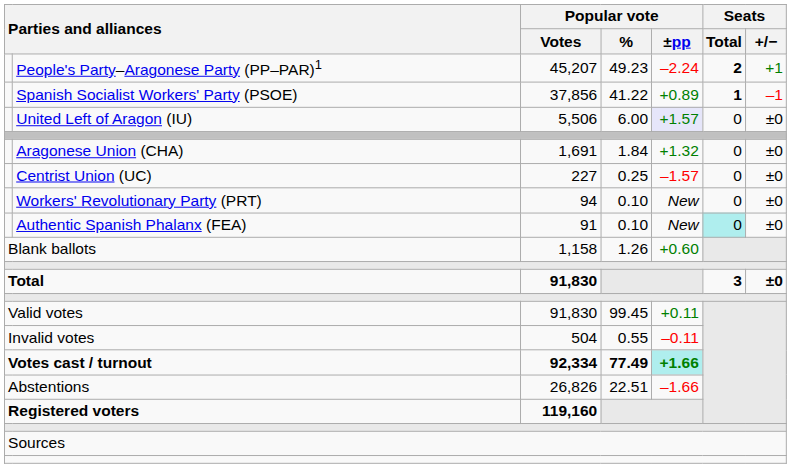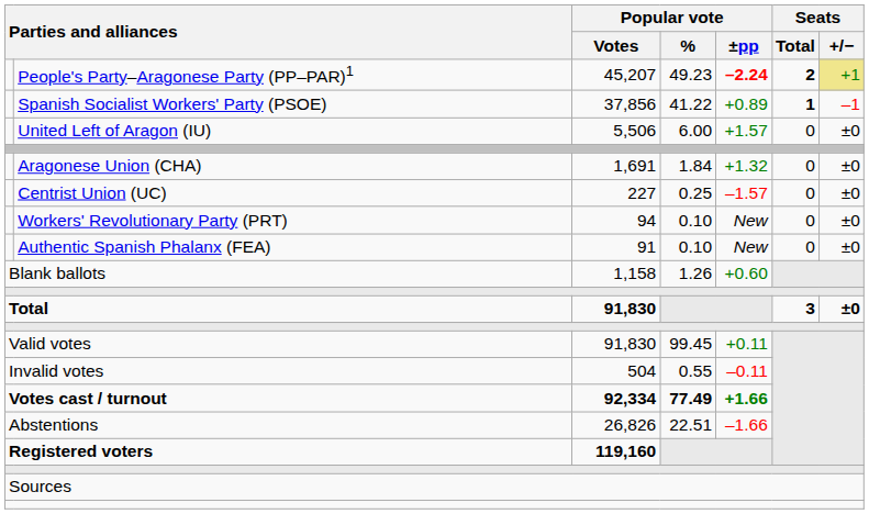 <table class="wikitable" style="text-align:right;">
 <tr>
 <th style="text-align:left;" rowspan="2" colspan="2" width="525">Parties and alliances</th>
 <th colspan="3">Popular vote</th>
 <th colspan="2">Seats</th>
 </tr>
 <tr>
 <th width="75">Votes</th>
 <th width="45">%</th>
 <th width="45">±<a href='#'>pp</a></th>
 <th width="35">Total</th>
 <th width="35">+/−</th>
 </tr>
 <tr>
 <td width="1" style="color:inherit;background:"></td>
 <td align="left"><a href='#'>People's Party</a>–<a href='#'>Aragonese Party</a> (PP–PAR)<sup>1</sup></td>
 <td>45,207</td>
 <td>49.23</td>
-<td style="color:red;">–2.24</td>
+<td style="color:red;"><strong>–2.24</strong></td>
 <td><strong>2</strong></td>
-<td style="color:green;">+1</td>
+<td style="background: khaki; color:green;">+1</td>
 </tr>
 <tr>
 <td style="color:inherit;background:"></td>
 <td align="left"><a href='#'>Spanish Socialist Workers' Party</a> (PSOE)</td>
 <td>37,856</td>
 <td>41.22</td>
 <td style="color:green;">+0.89</td>
 <td><strong>1</strong></td>
 <td style="color:red;">–1</td>
 </tr>
 <tr>
 <td style="color:inherit;background:"></td>
 <td align="left"><a href='#'>United Left of Aragon</a> (IU)</td>
 <td>5,506</td>
 <td>6.00</td>
-<td style="background: lavender; color:green;">+1.57</td>
+<td style="color:green;">+1.57</td>
 <td>0</td>
 <td>±0</td>
 </tr>
 <tr>
 <td colspan="7" bgcolor="#C0C0C0"></td>
 </tr>
 <tr>
 <td style="color:inherit;background:"></td>
 <td align="left"><a href='#'>Aragonese Union</a> (CHA)</td>
 <td>1,691</td>
 <td>1.84</td>
 <td style="color:green;">+1.32</td>
 <td>0</td>
 <td>±0</td>
 </tr>
 <tr>
 <td style="color:inherit;background:"></td>
 <td align="left"><a href='#'>Centrist Union</a> (UC)</td>
 <td>227</td>
 <td>0.25</td>
 <td style="color:red;">–1.57</td>
 <td>0</td>
 <td>±0</td>
 </tr>
 <tr>
 <td style="color:inherit;background:"></td>
 <td align="left"><a href='#'>Workers' Revolutionary Party</a> (PRT)</td>
 <td>94</td>
 <td>0.10</td>
 <td><em>New</em></td>
 <td>0</td>
 <td>±0</td>
 </tr>
 <tr>
 <td style="color:inherit;background:"></td>
 <td align="left"><a href='#'>Authentic Spanish Phalanx</a> (FEA)</td>
 <td>91</td>
 <td>0.10</td>
 <td><em>New</em></td>
-<td style="background: paleturquoise;">0</td>
+<td>0</td>
 <td>±0</td>
 </tr>
 <tr>
 <td align="left" colspan="2">Blank ballots</td>
 <td>1,158</td>
 <td>1.26</td>
 <td style="color:green;">+0.60</td>
 <td bgcolor="#E9E9E9" colspan="2"></td>
 </tr>
 <tr>
 <td colspan="7" bgcolor="#E9E9E9"></td>
 </tr>
 <tr style="font-weight:bold;">
 <td align="left" colspan="2">Total</td>
 <td>91,830</td>
 <td bgcolor="#E9E9E9" colspan="2"></td>
 <td>3</td>
 <td>±0</td>
 </tr>
 <tr>
 <td colspan="7" bgcolor="#E9E9E9"></td>
 </tr>
 <tr>
 <td align="left" colspan="2">Valid votes</td>
 <td>91,830</td>
 <td>99.45</td>
 <td style="color:green;">+0.11</td>
 <td bgcolor="#E9E9E9" colspan="2" rowspan="5"></td>
 </tr>
 <tr>
 <td align="left" colspan="2">Invalid votes</td>
 <td>504</td>
 <td>0.55</td>
 <td style="color:red;">–0.11</td>
 </tr>
 <tr style="font-weight:bold;">
 <td align="left" colspan="2">Votes cast / turnout</td>
 <td>92,334</td>
 <td>77.49</td>
-<td style="background: paleturquoise; color:green;">+1.66</td>
+<td style="color:green;">+1.66</td>
 </tr>
 <tr>
 <td align="left" colspan="2">Abstentions</td>
 <td>26,826</td>
 <td>22.51</td>
 <td style="color:red;">–1.66</td>
 </tr>
 <tr style="font-weight:bold;">
 <td align="left" colspan="2">Registered voters</td>
 <td>119,160</td>
 <td bgcolor="#E9E9E9" colspan="2"></td>
 </tr>
 <tr>
 <td colspan="7" bgcolor="#E9E9E9"></td>
 </tr>
 <tr>
 <td align="left" colspan="7">Sources</td>
 </tr>
 <tr>
 <td colspan="7" style="text-align:left; max-width:790px;"></td>
 </tr>
 </table>
